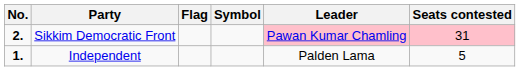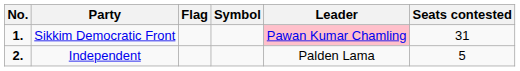 <table class="wikitable">
 <tr>
 <th>No.</th>
 <th>Party</th>
 <th>Flag</th>
 <th>Symbol</th>
 <th>Leader</th>
 <th>Seats contested</th>
 </tr>
 <tr>
-<td ! style="text-align:center; background:"><strong>2.</strong></td>
+<td ! style="text-align:center; background:"><strong>1.</strong></td>
 <td style="text-align:center"><a href='#'>Sikkim Democratic Front</a></td>
 <td></td>
 <td></td>
 <td style="background: pink; text-align:center"><a href='#'>Pawan Kumar Chamling</a></td>
-<td style="background: pink; text-align:center">31</td>
+<td style="text-align:center">31</td>
 </tr>
 <tr>
-<td ! style="text-align:center; background:"><strong>1.</strong></td>
+<td ! style="text-align:center; background:"><strong>2.</strong></td>
 <td style="text-align:center"><a href='#'>Independent</a></td>
 <td></td>
 <td></td>
 <td style="text-align:center">Palden Lama</td>
 <td style="text-align:center">5</td>
 </tr>
 </table>
